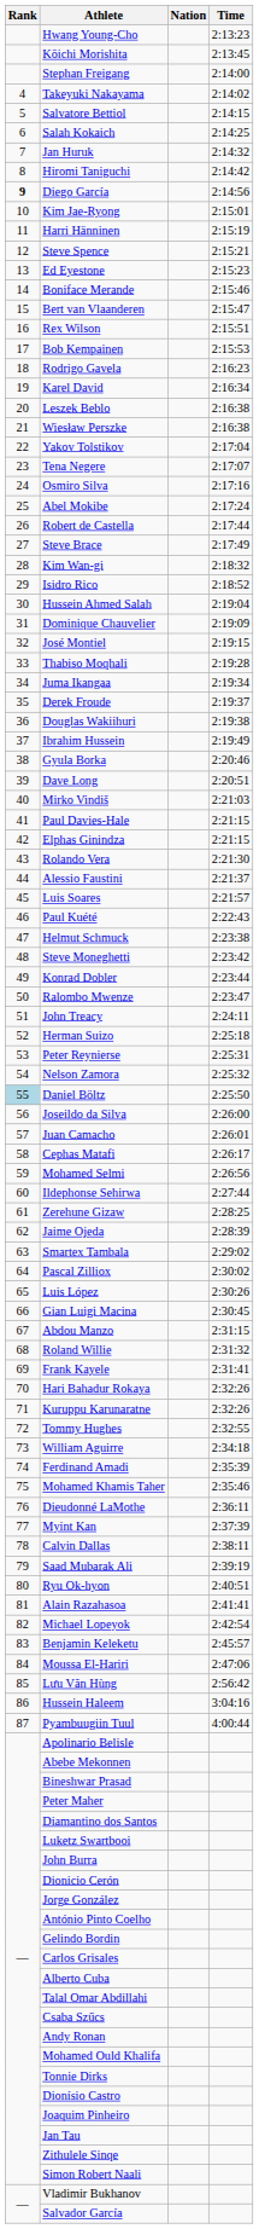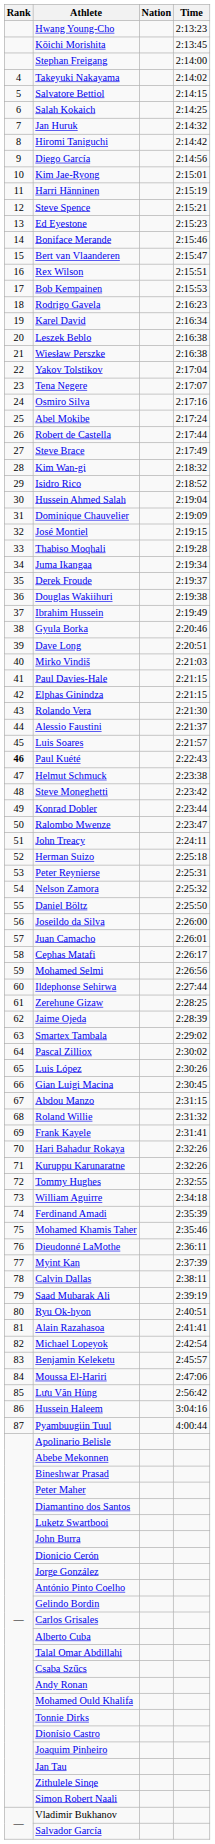 <table class="wikitable sortable" style="text-align:center">
 <tr>
 <th>Rank</th>
 <th>Athlete</th>
 <th>Nation</th>
 <th>Time</th>
 </tr>
 <tr>
 <td></td>
 <td align=left><a href='#'>Hwang Young-Cho</a></td>
 <td align=left></td>
 <td>2:13:23</td>
 </tr>
 <tr>
 <td></td>
 <td align=left><a href='#'>Kōichi Morishita</a></td>
 <td align=left></td>
 <td>2:13:45</td>
 </tr>
 <tr>
 <td></td>
 <td align=left><a href='#'>Stephan Freigang</a></td>
 <td align=left></td>
 <td>2:14:00</td>
 </tr>
 <tr>
 <td>4</td>
 <td align=left><a href='#'>Takeyuki Nakayama</a></td>
 <td align=left></td>
 <td>2:14:02</td>
 </tr>
 <tr>
 <td>5</td>
 <td align=left><a href='#'>Salvatore Bettiol</a></td>
 <td align=left></td>
 <td>2:14:15</td>
 </tr>
 <tr>
 <td>6</td>
 <td align=left><a href='#'>Salah Kokaich</a></td>
 <td align=left></td>
 <td>2:14:25</td>
 </tr>
 <tr>
 <td>7</td>
 <td align=left><a href='#'>Jan Huruk</a></td>
 <td align=left></td>
 <td>2:14:32</td>
 </tr>
 <tr>
 <td>8</td>
 <td align=left><a href='#'>Hiromi Taniguchi</a></td>
 <td align=left></td>
 <td>2:14:42</td>
 </tr>
 <tr>
-<td><strong>9</strong></td>
+<td>9</td>
 <td align=left><a href='#'>Diego García</a></td>
 <td align=left></td>
 <td>2:14:56</td>
 </tr>
 <tr>
 <td>10</td>
 <td align=left><a href='#'>Kim Jae-Ryong</a></td>
 <td align=left></td>
 <td>2:15:01</td>
 </tr>
 <tr>
 <td>11</td>
 <td align=left><a href='#'>Harri Hänninen</a></td>
 <td align=left></td>
 <td>2:15:19</td>
 </tr>
 <tr>
 <td>12</td>
 <td align=left><a href='#'>Steve Spence</a></td>
 <td align=left></td>
 <td>2:15:21</td>
 </tr>
 <tr>
 <td>13</td>
 <td align=left><a href='#'>Ed Eyestone</a></td>
 <td align=left></td>
 <td>2:15:23</td>
 </tr>
 <tr>
 <td>14</td>
 <td align=left><a href='#'>Boniface Merande</a></td>
 <td align=left></td>
 <td>2:15:46</td>
 </tr>
 <tr>
 <td>15</td>
 <td align=left><a href='#'>Bert van Vlaanderen</a></td>
 <td align=left></td>
 <td>2:15:47</td>
 </tr>
 <tr>
 <td>16</td>
 <td align=left><a href='#'>Rex Wilson</a></td>
 <td align=left></td>
 <td>2:15:51</td>
 </tr>
 <tr>
 <td>17</td>
 <td align=left><a href='#'>Bob Kempainen</a></td>
 <td align=left></td>
 <td>2:15:53</td>
 </tr>
 <tr>
 <td>18</td>
 <td align=left><a href='#'>Rodrigo Gavela</a></td>
 <td align=left></td>
 <td>2:16:23</td>
 </tr>
 <tr>
 <td>19</td>
 <td align=left><a href='#'>Karel David</a></td>
 <td align=left></td>
 <td>2:16:34</td>
 </tr>
 <tr>
 <td>20</td>
 <td align=left><a href='#'>Leszek Beblo</a></td>
 <td align=left></td>
 <td>2:16:38</td>
 </tr>
 <tr>
 <td>21</td>
 <td align=left><a href='#'>Wiesław Perszke</a></td>
 <td align=left></td>
 <td>2:16:38</td>
 </tr>
 <tr>
 <td>22</td>
 <td align=left><a href='#'>Yakov Tolstikov</a></td>
 <td align=left></td>
 <td>2:17:04</td>
 </tr>
 <tr>
 <td>23</td>
 <td align=left><a href='#'>Tena Negere</a></td>
 <td align=left></td>
 <td>2:17:07</td>
 </tr>
 <tr>
 <td>24</td>
 <td align=left><a href='#'>Osmiro Silva</a></td>
 <td align=left></td>
 <td>2:17:16</td>
 </tr>
 <tr>
 <td>25</td>
 <td align=left><a href='#'>Abel Mokibe</a></td>
 <td align=left></td>
 <td>2:17:24</td>
 </tr>
 <tr>
 <td>26</td>
 <td align=left><a href='#'>Robert de Castella</a></td>
 <td align=left></td>
 <td>2:17:44</td>
 </tr>
 <tr>
 <td>27</td>
 <td align=left><a href='#'>Steve Brace</a></td>
 <td align=left></td>
 <td>2:17:49</td>
 </tr>
 <tr>
 <td>28</td>
 <td align=left><a href='#'>Kim Wan-gi</a></td>
 <td align=left></td>
 <td>2:18:32</td>
 </tr>
 <tr>
 <td>29</td>
 <td align=left><a href='#'>Isidro Rico</a></td>
 <td align=left></td>
 <td>2:18:52</td>
 </tr>
 <tr>
 <td>30</td>
 <td align=left><a href='#'>Hussein Ahmed Salah</a></td>
 <td align=left></td>
 <td>2:19:04</td>
 </tr>
 <tr>
 <td>31</td>
 <td align=left><a href='#'>Dominique Chauvelier</a></td>
 <td align=left></td>
 <td>2:19:09</td>
 </tr>
 <tr>
 <td>32</td>
 <td align=left><a href='#'>José Montiel</a></td>
 <td align=left></td>
 <td>2:19:15</td>
 </tr>
 <tr>
 <td>33</td>
 <td align=left><a href='#'>Thabiso Moqhali</a></td>
 <td align=left></td>
 <td>2:19:28</td>
 </tr>
 <tr>
 <td>34</td>
 <td align=left><a href='#'>Juma Ikangaa</a></td>
 <td align=left></td>
 <td>2:19:34</td>
 </tr>
 <tr>
 <td>35</td>
 <td align=left><a href='#'>Derek Froude</a></td>
 <td align=left></td>
 <td>2:19:37</td>
 </tr>
 <tr>
 <td>36</td>
 <td align=left><a href='#'>Douglas Wakiihuri</a></td>
 <td align=left></td>
 <td>2:19:38</td>
 </tr>
 <tr>
 <td>37</td>
 <td align=left><a href='#'>Ibrahim Hussein</a></td>
 <td align=left></td>
 <td>2:19:49</td>
 </tr>
 <tr>
 <td>38</td>
 <td align=left><a href='#'>Gyula Borka</a></td>
 <td align=left></td>
 <td>2:20:46</td>
 </tr>
 <tr>
 <td>39</td>
 <td align=left><a href='#'>Dave Long</a></td>
 <td align=left></td>
 <td>2:20:51</td>
 </tr>
 <tr>
 <td>40</td>
 <td align=left><a href='#'>Mirko Vindiš</a></td>
 <td align=left></td>
 <td>2:21:03</td>
 </tr>
 <tr>
 <td>41</td>
 <td align=left><a href='#'>Paul Davies-Hale</a></td>
 <td align=left></td>
 <td>2:21:15</td>
 </tr>
 <tr>
 <td>42</td>
 <td align=left><a href='#'>Elphas Ginindza</a></td>
 <td align=left></td>
 <td>2:21:15</td>
 </tr>
 <tr>
 <td>43</td>
 <td align=left><a href='#'>Rolando Vera</a></td>
 <td align=left></td>
 <td>2:21:30</td>
 </tr>
 <tr>
 <td>44</td>
 <td align=left><a href='#'>Alessio Faustini</a></td>
 <td align=left></td>
 <td>2:21:37</td>
 </tr>
 <tr>
 <td>45</td>
 <td align=left><a href='#'>Luis Soares</a></td>
 <td align=left></td>
 <td>2:21:57</td>
 </tr>
 <tr>
-<td>46</td>
+<td><strong>46</strong></td>
 <td align=left><a href='#'>Paul Kuété</a></td>
 <td align=left></td>
 <td>2:22:43</td>
 </tr>
 <tr>
 <td>47</td>
 <td align=left><a href='#'>Helmut Schmuck</a></td>
 <td align=left></td>
 <td>2:23:38</td>
 </tr>
 <tr>
 <td>48</td>
 <td align=left><a href='#'>Steve Moneghetti</a></td>
 <td align=left></td>
 <td>2:23:42</td>
 </tr>
 <tr>
 <td>49</td>
 <td align=left><a href='#'>Konrad Dobler</a></td>
 <td align=left></td>
 <td>2:23:44</td>
 </tr>
 <tr>
 <td>50</td>
 <td align=left><a href='#'>Ralombo Mwenze</a></td>
 <td align=left></td>
 <td>2:23:47</td>
 </tr>
 <tr>
 <td>51</td>
 <td align=left><a href='#'>John Treacy</a></td>
 <td align=left></td>
 <td>2:24:11</td>
 </tr>
 <tr>
 <td>52</td>
 <td align=left><a href='#'>Herman Suizo</a></td>
 <td align=left></td>
 <td>2:25:18</td>
 </tr>
 <tr>
 <td>53</td>
 <td align=left><a href='#'>Peter Reynierse</a></td>
 <td align=left></td>
 <td>2:25:31</td>
 </tr>
 <tr>
 <td>54</td>
 <td align=left><a href='#'>Nelson Zamora</a></td>
 <td align=left></td>
 <td>2:25:32</td>
 </tr>
 <tr>
-<td style="background: lightblue;">55</td>
+<td>55</td>
 <td align=left><a href='#'>Daniel Böltz</a></td>
 <td align=left></td>
 <td>2:25:50</td>
 </tr>
 <tr>
 <td>56</td>
 <td align=left><a href='#'>Joseildo da Silva</a></td>
 <td align=left></td>
 <td>2:26:00</td>
 </tr>
 <tr>
 <td>57</td>
 <td align=left><a href='#'>Juan Camacho</a></td>
 <td align=left></td>
 <td>2:26:01</td>
 </tr>
 <tr>
 <td>58</td>
 <td align=left><a href='#'>Cephas Matafi</a></td>
 <td align=left></td>
 <td>2:26:17</td>
 </tr>
 <tr>
 <td>59</td>
 <td align=left><a href='#'>Mohamed Selmi</a></td>
 <td align=left></td>
 <td>2:26:56</td>
 </tr>
 <tr>
 <td>60</td>
 <td align=left><a href='#'>Ildephonse Sehirwa</a></td>
 <td align=left></td>
 <td>2:27:44</td>
 </tr>
 <tr>
 <td>61</td>
 <td align=left><a href='#'>Zerehune Gizaw</a></td>
 <td align=left></td>
 <td>2:28:25</td>
 </tr>
 <tr>
 <td>62</td>
 <td align=left><a href='#'>Jaime Ojeda</a></td>
 <td align=left></td>
 <td>2:28:39</td>
 </tr>
 <tr>
 <td>63</td>
 <td align=left><a href='#'>Smartex Tambala</a></td>
 <td align=left></td>
 <td>2:29:02</td>
 </tr>
 <tr>
 <td>64</td>
 <td align=left><a href='#'>Pascal Zilliox</a></td>
 <td align=left></td>
 <td>2:30:02</td>
 </tr>
 <tr>
 <td>65</td>
 <td align=left><a href='#'>Luis López</a></td>
 <td align=left></td>
 <td>2:30:26</td>
 </tr>
 <tr>
 <td>66</td>
 <td align=left><a href='#'>Gian Luigi Macina</a></td>
 <td align=left></td>
 <td>2:30:45</td>
 </tr>
 <tr>
 <td>67</td>
 <td align=left><a href='#'>Abdou Manzo</a></td>
 <td align=left></td>
 <td>2:31:15</td>
 </tr>
 <tr>
 <td>68</td>
 <td align=left><a href='#'>Roland Willie</a></td>
 <td align=left></td>
 <td>2:31:32</td>
 </tr>
 <tr>
 <td>69</td>
 <td align=left><a href='#'>Frank Kayele</a></td>
 <td align=left></td>
 <td>2:31:41</td>
 </tr>
 <tr>
 <td>70</td>
 <td align=left><a href='#'>Hari Bahadur Rokaya</a></td>
 <td align=left></td>
 <td>2:32:26</td>
 </tr>
 <tr>
 <td>71</td>
 <td align=left><a href='#'>Kuruppu Karunaratne</a></td>
 <td align=left></td>
 <td>2:32:26</td>
 </tr>
 <tr>
 <td>72</td>
 <td align=left><a href='#'>Tommy Hughes</a></td>
 <td align=left></td>
 <td>2:32:55</td>
 </tr>
 <tr>
 <td>73</td>
 <td align=left><a href='#'>William Aguirre</a></td>
 <td align=left></td>
 <td>2:34:18</td>
 </tr>
 <tr>
 <td>74</td>
 <td align=left><a href='#'>Ferdinand Amadi</a></td>
 <td align=left></td>
 <td>2:35:39</td>
 </tr>
 <tr>
 <td>75</td>
 <td align=left><a href='#'>Mohamed Khamis Taher</a></td>
 <td align=left></td>
 <td>2:35:46</td>
 </tr>
 <tr>
 <td>76</td>
 <td align=left><a href='#'>Dieudonné LaMothe</a></td>
 <td align=left></td>
 <td>2:36:11</td>
 </tr>
 <tr>
 <td>77</td>
 <td align=left><a href='#'>Myint Kan</a></td>
 <td align=left></td>
 <td>2:37:39</td>
 </tr>
 <tr>
 <td>78</td>
 <td align=left><a href='#'>Calvin Dallas</a></td>
 <td align=left></td>
 <td>2:38:11</td>
 </tr>
 <tr>
 <td>79</td>
 <td align=left><a href='#'>Saad Mubarak Ali</a></td>
 <td align=left></td>
 <td>2:39:19</td>
 </tr>
 <tr>
 <td>80</td>
 <td align=left><a href='#'>Ryu Ok-hyon</a></td>
 <td align=left></td>
 <td>2:40:51</td>
 </tr>
 <tr>
 <td>81</td>
 <td align=left><a href='#'>Alain Razahasoa</a></td>
 <td align=left></td>
 <td>2:41:41</td>
 </tr>
 <tr>
 <td>82</td>
 <td align=left><a href='#'>Michael Lopeyok</a></td>
 <td align=left></td>
 <td>2:42:54</td>
 </tr>
 <tr>
 <td>83</td>
 <td align=left><a href='#'>Benjamin Keleketu</a></td>
 <td align=left></td>
 <td>2:45:57</td>
 </tr>
 <tr>
 <td>84</td>
 <td align=left><a href='#'>Moussa El-Hariri</a></td>
 <td align=left></td>
 <td>2:47:06</td>
 </tr>
 <tr>
 <td>85</td>
 <td align=left><a href='#'>Lưu Văn Hùng</a></td>
 <td align=left></td>
 <td>2:56:42</td>
 </tr>
 <tr>
 <td>86</td>
 <td align=left><a href='#'>Hussein Haleem</a></td>
 <td align=left></td>
 <td>3:04:16</td>
 </tr>
 <tr>
 <td>87</td>
 <td align=left><a href='#'>Pyambuugiin Tuul</a></td>
 <td align=left></td>
 <td>4:00:44</td>
 </tr>
 <tr>
 <td rowspan=23 data-sort-value=88>—</td>
 <td align=left><a href='#'>Apolinario Belisle</a></td>
 <td align=left></td>
 <td data-sort-value=5:00:00></td>
 </tr>
 <tr>
 <td align=left><a href='#'>Abebe Mekonnen</a></td>
 <td align=left></td>
 <td data-sort-value=5:00:00></td>
 </tr>
 <tr>
 <td align=left><a href='#'>Bineshwar Prasad</a></td>
 <td align=left></td>
 <td data-sort-value=5:00:00></td>
 </tr>
 <tr>
 <td align=left><a href='#'>Peter Maher</a></td>
 <td align=left></td>
 <td data-sort-value=5:00:00></td>
 </tr>
 <tr>
 <td align=left><a href='#'>Diamantino dos Santos</a></td>
 <td align=left></td>
 <td data-sort-value=5:00:00></td>
 </tr>
 <tr>
 <td align=left><a href='#'>Luketz Swartbooi</a></td>
 <td align=left></td>
 <td data-sort-value=5:00:00></td>
 </tr>
 <tr>
 <td align=left><a href='#'>John Burra</a></td>
 <td align=left></td>
 <td data-sort-value=5:00:00></td>
 </tr>
 <tr>
 <td align=left><a href='#'>Dionicio Cerón</a></td>
 <td align=left></td>
 <td data-sort-value=5:00:00></td>
 </tr>
 <tr>
 <td align=left><a href='#'>Jorge González</a></td>
 <td align=left></td>
 <td data-sort-value=5:00:00></td>
 </tr>
 <tr>
 <td align=left><a href='#'>António Pinto Coelho</a></td>
 <td align=left></td>
 <td data-sort-value=5:00:00></td>
 </tr>
 <tr>
 <td align=left><a href='#'>Gelindo Bordin</a></td>
 <td align=left></td>
 <td data-sort-value=5:00:00></td>
 </tr>
 <tr>
 <td align=left><a href='#'>Carlos Grisales</a></td>
 <td align=left></td>
 <td data-sort-value=5:00:00></td>
 </tr>
 <tr>
 <td align=left><a href='#'>Alberto Cuba</a></td>
 <td align=left></td>
 <td data-sort-value=5:00:00></td>
 </tr>
 <tr>
 <td align=left><a href='#'>Talal Omar Abdillahi</a></td>
 <td align=left></td>
 <td data-sort-value=5:00:00></td>
 </tr>
 <tr>
 <td align=left><a href='#'>Csaba Szűcs</a></td>
 <td align=left></td>
 <td data-sort-value=5:00:00></td>
 </tr>
 <tr>
 <td align=left><a href='#'>Andy Ronan</a></td>
 <td align=left></td>
 <td data-sort-value=5:00:00></td>
 </tr>
 <tr>
 <td align=left><a href='#'>Mohamed Ould Khalifa</a></td>
 <td align=left></td>
 <td data-sort-value=5:00:00></td>
 </tr>
 <tr>
 <td align=left><a href='#'>Tonnie Dirks</a></td>
 <td align=left></td>
 <td data-sort-value=5:00:00></td>
 </tr>
 <tr>
 <td align=left><a href='#'>Dionísio Castro</a></td>
 <td align=left></td>
 <td data-sort-value=5:00:00></td>
 </tr>
 <tr>
 <td align=left><a href='#'>Joaquim Pinheiro</a></td>
 <td align=left></td>
 <td data-sort-value=5:00:00></td>
 </tr>
 <tr>
 <td align=left><a href='#'>Jan Tau</a></td>
 <td align=left></td>
 <td data-sort-value=5:00:00></td>
 </tr>
 <tr>
 <td align=left><a href='#'>Zithulele Sinqe</a></td>
 <td align=left></td>
 <td data-sort-value=5:00:00></td>
 </tr>
 <tr>
 <td align=left><a href='#'>Simon Robert Naali</a></td>
 <td align=left></td>
 <td data-sort-value=5:00:00></td>
 </tr>
 <tr>
 <td rowspan=2 data-sort-value=111>—</td>
 <td align=left>Vladimir Bukhanov</td>
 <td align=left></td>
 <td data-sort-value=9:00:00></td>
 </tr>
 <tr>
 <td align=left><a href='#'>Salvador García</a></td>
 <td align=left></td>
 <td data-sort-value=9:00:00></td>
 </tr>
 </table>
